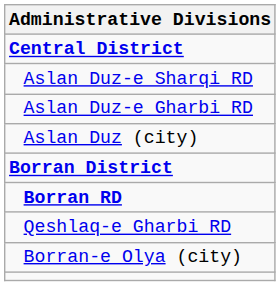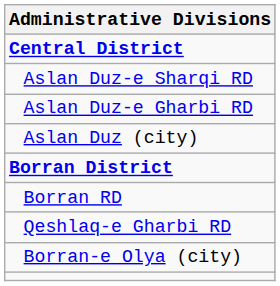 <table class="wikitable">
 <tr>
 <th>Administrative Divisions</th>
 </tr>
 <tr>
 <td><strong><a href='#'>Central District</a></strong></td>
 </tr>
 <tr>
 <td style="padding-left: 1em;"><a href='#'>Aslan Duz-e Sharqi RD</a></td>
 </tr>
 <tr>
 <td style="padding-left: 1em;"><a href='#'>Aslan Duz-e Gharbi RD</a></td>
 </tr>
 <tr>
 <td style="padding-left: 1em;"><a href='#'>Aslan Duz</a> (city)</td>
 </tr>
 <tr>
 <td><strong><a href='#'>Borran District</a></strong></td>
 </tr>
 <tr>
-<td style="padding-left: 1em;"><strong><a href='#'>Borran RD</a></strong></td>
+<td style="padding-left: 1em;"><a href='#'>Borran RD</a></td>
 </tr>
 <tr>
 <td style="padding-left: 1em;"><a href='#'>Qeshlaq-e Gharbi RD</a></td>
 </tr>
 <tr>
 <td style="padding-left: 1em;"><a href='#'>Borran-e Olya</a> (city)</td>
 </tr>
 <tr>
 <td colspan=1></td>
 </tr>
 </table>
